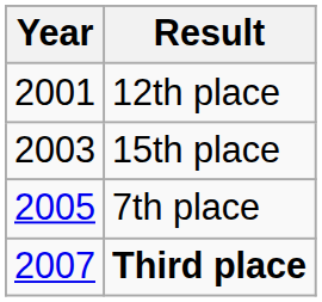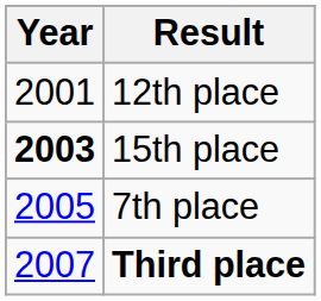 <table class="wikitable">
 <tr>
 <th>Year</th>
 <th>Result</th>
 </tr>
 <tr>
 <td> 2001</td>
 <td>12th place</td>
 </tr>
 <tr>
-<td> 2003</td>
+<td><strong> 2003</strong></td>
 <td>15th place</td>
 </tr>
 <tr>
 <td> <a href='#'>2005</a></td>
 <td>7th place</td>
 </tr>
 <tr>
 <td> <a href='#'>2007</a></td>
 <td> <strong>Third place</strong></td>
 </tr>
 </table>
